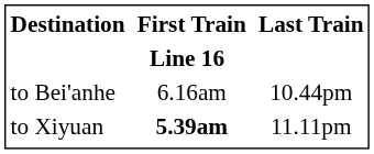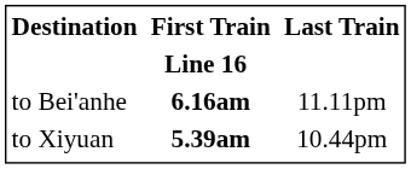 <table style="text-align:centre; font-size:95%; border:1px solid black">
 <tr>
 <th>Destination</th>
 <th></th>
 <th>First Train</th>
 <th></th>
 <th>Last Train</th>
 </tr>
 <tr>
 <th colspan="7" style="background-color:#">Line 16</th>
 </tr>
 <tr>
 <td>to Bei'anhe</td>
 <td></td>
-<td style="text-align:center">6.16am</td>
+<td style="text-align:center"><strong>6.16am</strong></td>
 <td></td>
-<td style="text-align:center">10.44pm</td>
+<td style="text-align:center">11.11pm</td>
 </tr>
 <tr>
 <td>to Xiyuan</td>
 <td></td>
 <td style="text-align:center"><strong>5.39am</strong></td>
 <td></td>
-<td style="text-align:center">11.11pm</td>
+<td style="text-align:center">10.44pm</td>
 </tr>
 <tr>
 </tr>
 </table>
